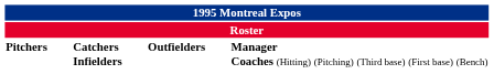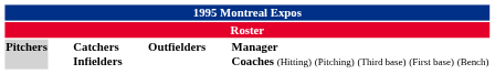 <table class="toccolours" style="font-size: 95%;">
 <tr>
 <th colspan="10" style="background-color: #003087; color: #FFFFFF; text-align: center;">1995 Montreal Expos</th>
 </tr>
 <tr>
 <td colspan="10" style="background-color: #E4002B; color: #FFFFFF; text-align: center;"><strong>Roster</strong></td>
 </tr>
 <tr>
-<td valign="top"><strong>Pitchers</strong><br>                    </td>
+<td valign="top" style="background: lightgrey;"><strong>Pitchers</strong><br>                    </td>
 <td width="25px"></td>
 <td valign="top"><strong>Catchers</strong><br>    <strong>Infielders</strong>            </td>
 <td width="25px"></td>
 <td valign="top"><strong>Outfielders</strong><br>       </td>
 <td width="25px"></td>
 <td valign="top"><strong>Manager</strong><br> <strong>Coaches</strong>  <small>(Hitting)</small>  <small>(Pitching)</small>  <small>(Third base)</small>  <small>(First base)</small>  <small>(Bench)</small></td>
 </tr>
 </table>
